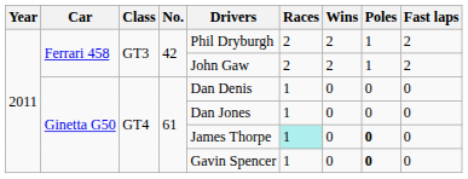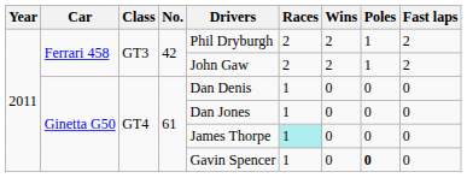 <table class="wikitable" style="font-size:95%">
 <tr>
 <th>Year</th>
 <th>Car</th>
 <th>Class</th>
 <th>No.</th>
 <th>Drivers</th>
 <th>Races</th>
 <th>Wins</th>
 <th>Poles</th>
 <th>Fast laps</th>
 </tr>
 <tr>
 <td rowspan="6">2011</td>
 <td rowspan="2"><a href='#'>Ferrari 458</a></td>
 <td rowspan="2">GT3</td>
 <td rowspan="2">42</td>
 <td> Phil Dryburgh</td>
 <td>2</td>
 <td>2</td>
 <td>1</td>
 <td>2</td>
 </tr>
 <tr>
 <td> John Gaw</td>
 <td>2</td>
 <td>2</td>
 <td>1</td>
 <td>2</td>
 </tr>
 <tr>
 <td rowspan="4"><a href='#'>Ginetta G50</a></td>
 <td rowspan="4">GT4</td>
 <td rowspan="4">61</td>
 <td> Dan Denis</td>
 <td>1</td>
 <td>0</td>
 <td>0</td>
 <td>0</td>
 </tr>
 <tr>
 <td> Dan Jones</td>
 <td>1</td>
 <td>0</td>
 <td>0</td>
 <td>0</td>
 </tr>
 <tr>
 <td> James Thorpe</td>
 <td style="background: paleturquoise;">1</td>
 <td>0</td>
-<td><strong>0</strong></td>
+<td>0</td>
 <td>0</td>
 </tr>
 <tr>
 <td> Gavin Spencer</td>
 <td>1</td>
 <td>0</td>
 <td><strong>0</strong></td>
 <td>0</td>
 </tr>
 </table>
